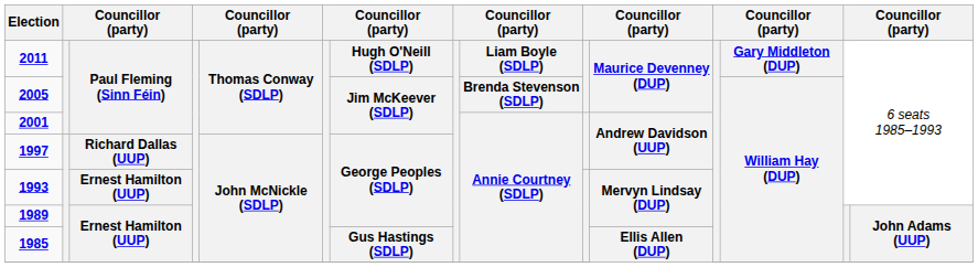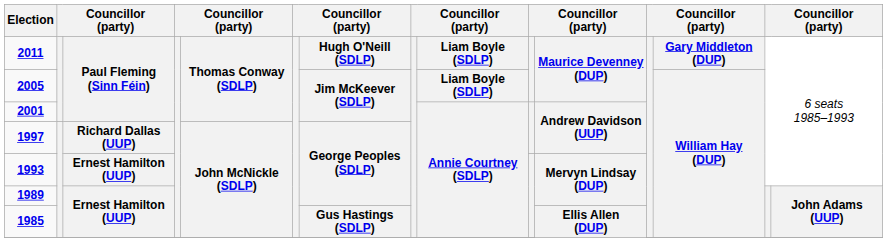 <table class="wikitable" style="text-align:center">
 <tr>
 <th scope="col" width="50">Election</th>
 <th scope="col" width="150" colspan = "2">Councillor<br> (party)</th>
 <th scope="col" width="150" colspan = "2">Councillor<br> (party)</th>
 <th scope="col" width="150" colspan = "2">Councillor<br> (party)</th>
 <th scope="col" width="150" colspan = "2">Councillor<br> (party)</th>
 <th scope="col" width="150" colspan = "2">Councillor<br> (party)</th>
 <th scope="col" width="150" colspan = "2">Councillor<br> (party)</th>
 <th scope="col" width="150" colspan = "2">Councillor<br> (party)</th>
 </tr>
 <tr>
 <td><strong><a href='#'>2011</a></strong></td>
 <th rowspan="3" width="1" style="background-color: "></th>
 <th rowspan = "3">Paul Fleming <br> (<a href='#'>Sinn Féin</a>)</th>
 <th rowspan="7" width="1" style="background-color: "></th>
 <th rowspan = "3">Thomas Conway <br> (<a href='#'>SDLP</a>)</th>
 <th rowspan="7" width="1" style="background-color: "></th>
 <th rowspan = "1">Hugh O'Neill <br> (<a href='#'>SDLP</a>)</th>
 <th rowspan="7" width="1" style="background-color: "></th>
 <th rowspan = "1">Liam Boyle <br> (<a href='#'>SDLP</a>)</th>
 <th rowspan="2" width="1" style="background-color: "></th>
 <th rowspan = "2"><a href='#'>Maurice Devenney</a> <br> (<a href='#'>DUP</a>)</th>
 <th rowspan="7" width="1" style="background-color: "></th>
 <th rowspan = "1"><a href='#'>Gary Middleton</a> <br> (<a href='#'>DUP</a>)</th>
 <td colspan="2" rowspan="5" style="background-color:#FFFFFF"><em>6 seats<br>1985–1993</em></td>
 </tr>
 <tr>
 <td><strong><a href='#'>2005</a></strong></td>
 <th rowspan = "2">Jim McKeever <br> (<a href='#'>SDLP</a>)</th>
-<th rowspan = "1">Brenda Stevenson <br> (<a href='#'>SDLP</a>)</th>
+<th rowspan = "1">Liam Boyle <br> (<a href='#'>SDLP</a>)</th>
 <th rowspan = "6"><a href='#'>William Hay</a> <br> (<a href='#'>DUP</a>)</th>
 </tr>
 <tr>
 <td><strong><a href='#'>2001</a></strong></td>
 <th rowspan = "5"><a href='#'>Annie Courtney</a> <br> (<a href='#'>SDLP</a>)</th>
 <th rowspan="2" width="1" style="background-color: "></th>
 <th rowspan = "2">Andrew Davidson <br> (<a href='#'>UUP</a>)</th>
 </tr>
 <tr>
 <td><strong><a href='#'>1997</a></strong></td>
 <th rowspan="4" width="1" style="background-color: "></th>
 <th rowspan = "1">Richard Dallas <br> (<a href='#'>UUP</a>)</th>
 <th rowspan = "4">John McNickle <br> (<a href='#'>SDLP</a>)</th>
 <th rowspan = "3">George Peoples <br> (<a href='#'>SDLP</a>)</th>
 </tr>
 <tr>
 <td><strong><a href='#'>1993</a></strong></td>
 <th rowspan = "1">Ernest Hamilton <br> (<a href='#'>UUP</a>)</th>
 <th rowspan="3" width="1" style="background-color: "></th>
 <th rowspan = "2">Mervyn Lindsay <br> (<a href='#'>DUP</a>)</th>
 </tr>
 <tr>
 <td><strong><a href='#'>1989</a></strong></td>
 <th rowspan = "2">Ernest Hamilton <br> (<a href='#'>UUP</a>)</th>
 <th rowspan="2" width="1" style="background-color: "></th>
 <th rowspan = "2">John Adams <br> (<a href='#'>UUP</a>)</th>
 </tr>
 <tr>
 <td><strong><a href='#'>1985</a></strong></td>
 <th rowspan = "1">Gus Hastings <br> (<a href='#'>SDLP</a>)</th>
 <th rowspan = "3">Ellis Allen <br> (<a href='#'>DUP</a>)</th>
 </tr>
 <tr>
 </tr>
 </table>
